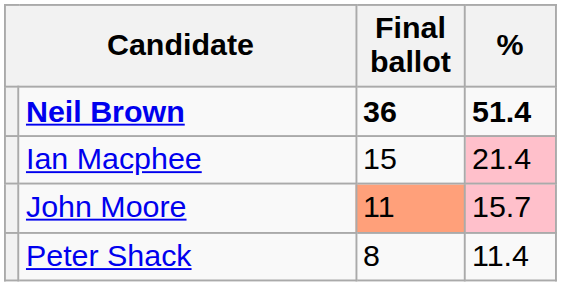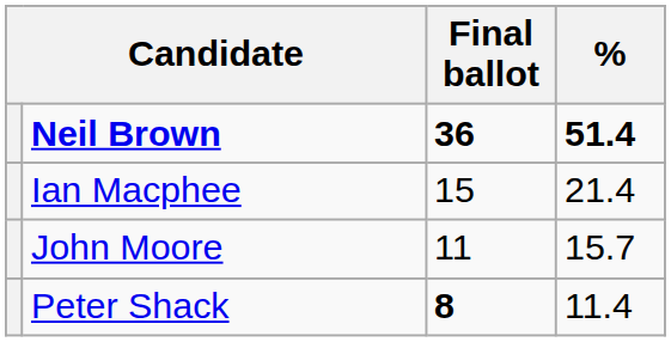 <table class="wikitable">
 <tr style="background:#e9e9e9;">
 <th colspan="2" style="width: 170px">Candidate</th>
 <th style="width: 50px">Final ballot</th>
 <th style="width: 40px">%</th>
 </tr>
 <tr>
 <th></th>
 <td style="width: 170px"><strong><a href='#'>Neil Brown</a></strong></td>
 <td><strong>36</strong></td>
 <td><strong>51.4</strong></td>
 </tr>
 <tr>
 <th></th>
 <td style="width: 170px"><a href='#'>Ian Macphee</a></td>
 <td>15</td>
-<td style="background: pink;">21.4</td>
+<td>21.4</td>
 </tr>
 <tr>
 <th></th>
 <td style="width: 170px"><a href='#'>John Moore</a></td>
-<td style="background: lightsalmon;">11</td>
-<td style="background: pink;">15.7</td>
+<td>11</td>
+<td>15.7</td>
 </tr>
 <tr>
 <th></th>
 <td style="width: 170px"><a href='#'>Peter Shack</a></td>
-<td>8</td>
+<td><strong>8</strong></td>
 <td>11.4</td>
 </tr>
 </table>
